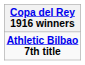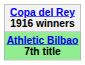 <table class="wikitable" style="text-align: center; margin: 0 auto;">
 <tr>
 <th><a href='#'>Copa del Rey</a><br>1916 winners</th>
 </tr>
 <tr>
-<td><strong><a href='#'>Athletic Bilbao</a></strong><br><strong>7th title</strong></td>
+<td style="background: lightgreen;"><strong><a href='#'>Athletic Bilbao</a></strong><br><strong>7th title</strong></td>
 </tr>
 </table>
